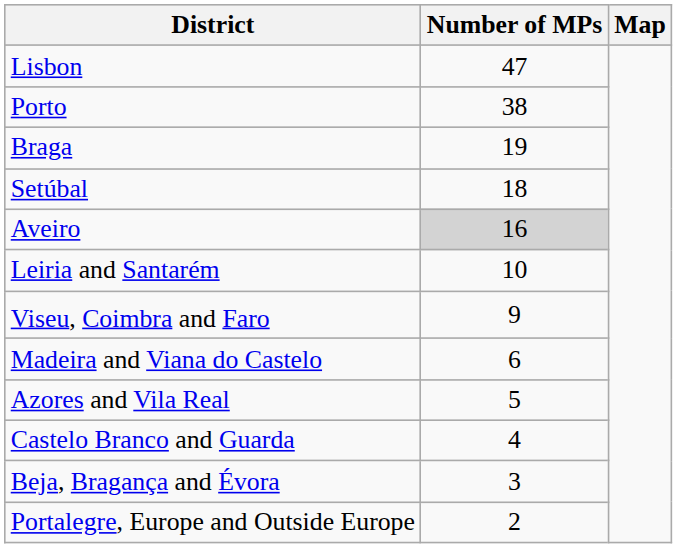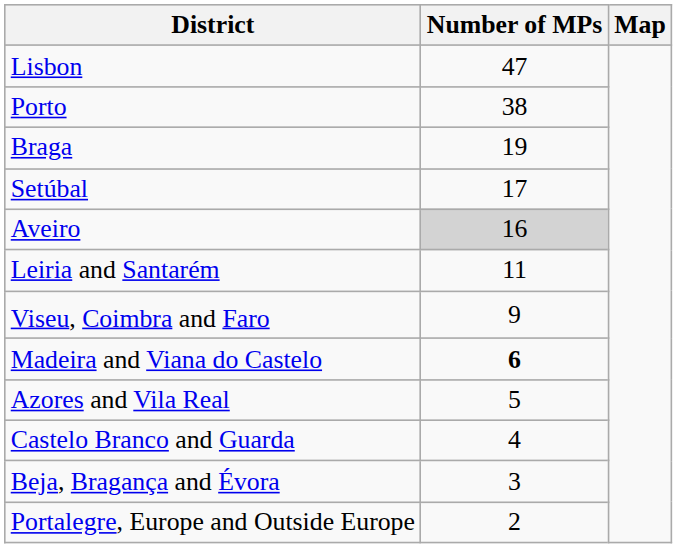 <table class="wikitable">
 <tr>
 <th>District</th>
 <th>Number of MPs</th>
 <th>Map</th>
 </tr>
 <tr>
 <td><a href='#'>Lisbon</a></td>
 <td style="text-align:center;">47</td>
 <td style="text-align:center;" rowspan="12"><br>                      </td>
 </tr>
 <tr>
 <td><a href='#'>Porto</a></td>
 <td style="text-align:center;">38</td>
 </tr>
 <tr>
 <td><a href='#'>Braga</a></td>
 <td style="text-align:center;">19</td>
 </tr>
 <tr>
 <td><a href='#'>Setúbal</a></td>
-<td style="text-align:center;">18</td>
+<td style="text-align:center;">17</td>
 </tr>
 <tr>
 <td><a href='#'>Aveiro</a></td>
 <td style="background: lightgrey; text-align:center;">16</td>
 </tr>
 <tr>
 <td><a href='#'>Leiria</a> and <a href='#'>Santarém</a></td>
-<td style="text-align:center;">10</td>
+<td style="text-align:center;">11</td>
 </tr>
 <tr>
 <td><a href='#'>Viseu</a>, <a href='#'>Coimbra</a><sup></sup> and <a href='#'>Faro</a><sup></sup></td>
 <td style="text-align:center;">9</td>
 </tr>
 <tr>
 <td><a href='#'>Madeira</a> and <a href='#'>Viana do Castelo</a></td>
-<td style="text-align:center;">6</td>
+<td style="text-align:center;"><strong>6</strong></td>
 </tr>
 <tr>
 <td><a href='#'>Azores</a> and <a href='#'>Vila Real</a></td>
 <td style="text-align:center;">5</td>
 </tr>
 <tr>
 <td><a href='#'>Castelo Branco</a> and <a href='#'>Guarda</a></td>
 <td style="text-align:center;">4</td>
 </tr>
 <tr>
 <td><a href='#'>Beja</a>, <a href='#'>Bragança</a> and <a href='#'>Évora</a></td>
 <td style="text-align:center;">3</td>
 </tr>
 <tr>
 <td><a href='#'>Portalegre</a>, Europe and Outside Europe</td>
 <td style="text-align:center;">2</td>
 </tr>
 </table>
